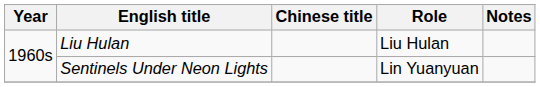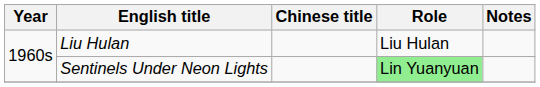 <table class="wikitable sortable">
 <tr>
 <th>Year</th>
 <th>English title</th>
 <th>Chinese title</th>
 <th>Role</th>
 <th class="unsortable">Notes</th>
 </tr>
 <tr>
 <td rowspan=2>1960s</td>
 <td><em>Liu Hulan</em></td>
 <td></td>
 <td>Liu Hulan</td>
 <td></td>
 </tr>
 <tr>
 <td><em>Sentinels Under Neon Lights</em></td>
 <td></td>
-<td>Lin Yuanyuan</td>
+<td style="background: lightgreen;">Lin Yuanyuan</td>
 <td></td>
 </tr>
 <tr>
 </tr>
 </table>
